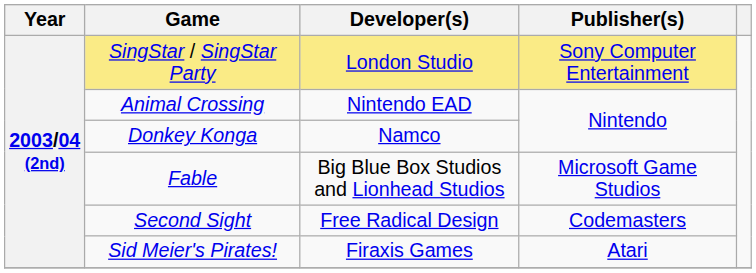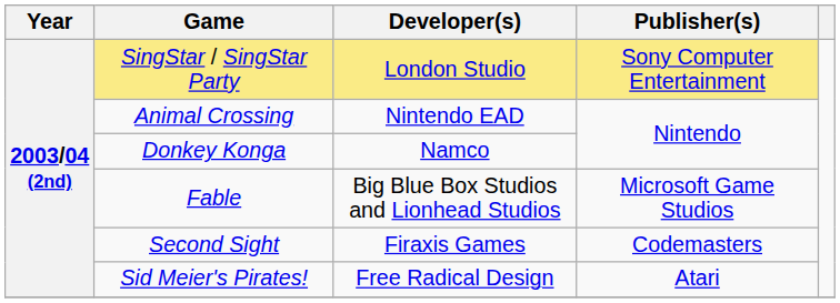 <table class="wikitable" rowspan=2 style="text-align: center;">
 <tr style="background:#bebebe;">
 <th scope="col" style="width:8%;">Year</th>
 <th scope="col" style="width:30%;">Game</th>
 <th scope="col" style="width:30%;">Developer(s)</th>
 <th scope="col" style="width:30%;">Publisher(s)</th>
 <th scope="col" style="width:2%;" class="unsortable"></th>
 </tr>
 <tr>
 <th scope="row" rowspan="6" style="text-align:center"><a href='#'>2003</a>/<a href='#'>04</a> <br><small><a href='#'>(2nd)</a> </small></th>
 <td style="background:#FAEB86"><em><a href='#'>SingStar</a></em> / <em><a href='#'>SingStar Party</a></em></td>
 <td style="background:#FAEB86"><a href='#'>London Studio</a></td>
 <td style="background:#FAEB86"><a href='#'>Sony Computer Entertainment</a></td>
 <td rowspan="6"></td>
 </tr>
 <tr>
 <td><em><a href='#'>Animal Crossing</a></em></td>
 <td><a href='#'>Nintendo EAD</a></td>
 <td rowspan="2"><a href='#'>Nintendo</a></td>
 </tr>
 <tr>
 <td><em><a href='#'>Donkey Konga</a></em></td>
 <td><a href='#'>Namco</a></td>
 </tr>
 <tr>
 <td><em><a href='#'>Fable</a></em></td>
 <td>Big Blue Box Studios and <a href='#'>Lionhead Studios</a></td>
 <td><a href='#'>Microsoft Game Studios</a></td>
 </tr>
 <tr>
 <td><em><a href='#'>Second Sight</a></em></td>
-<td><a href='#'>Free Radical Design</a></td>
+<td><a href='#'>Firaxis Games</a></td>
 <td><a href='#'>Codemasters</a></td>
 </tr>
 <tr>
 <td><em><a href='#'>Sid Meier's Pirates!</a></em></td>
-<td><a href='#'>Firaxis Games</a></td>
+<td><a href='#'>Free Radical Design</a></td>
 <td><a href='#'>Atari</a></td>
 </tr>
 <tr>
 </tr>
 </table>
